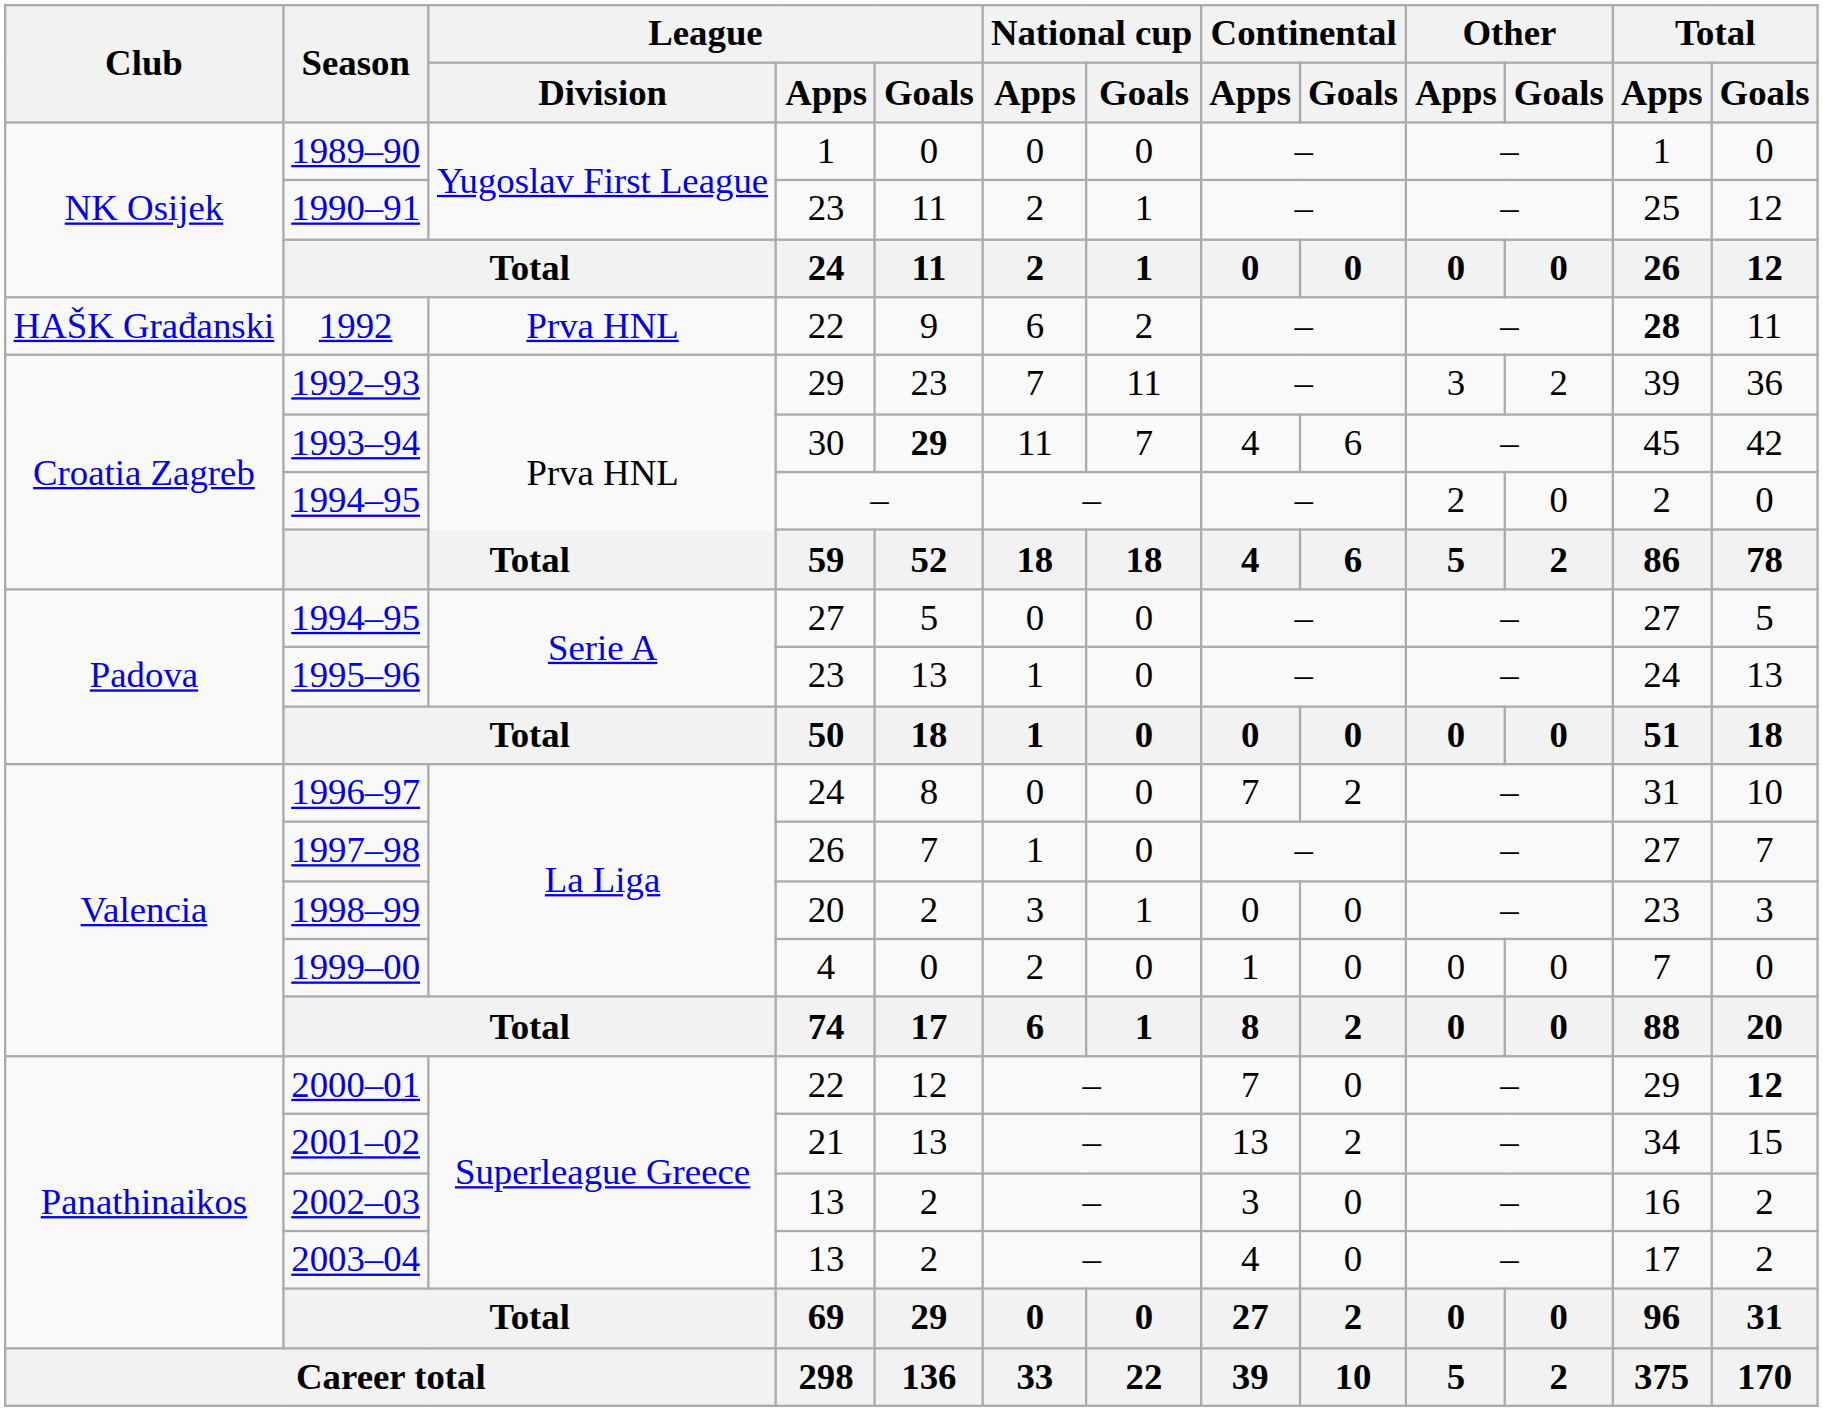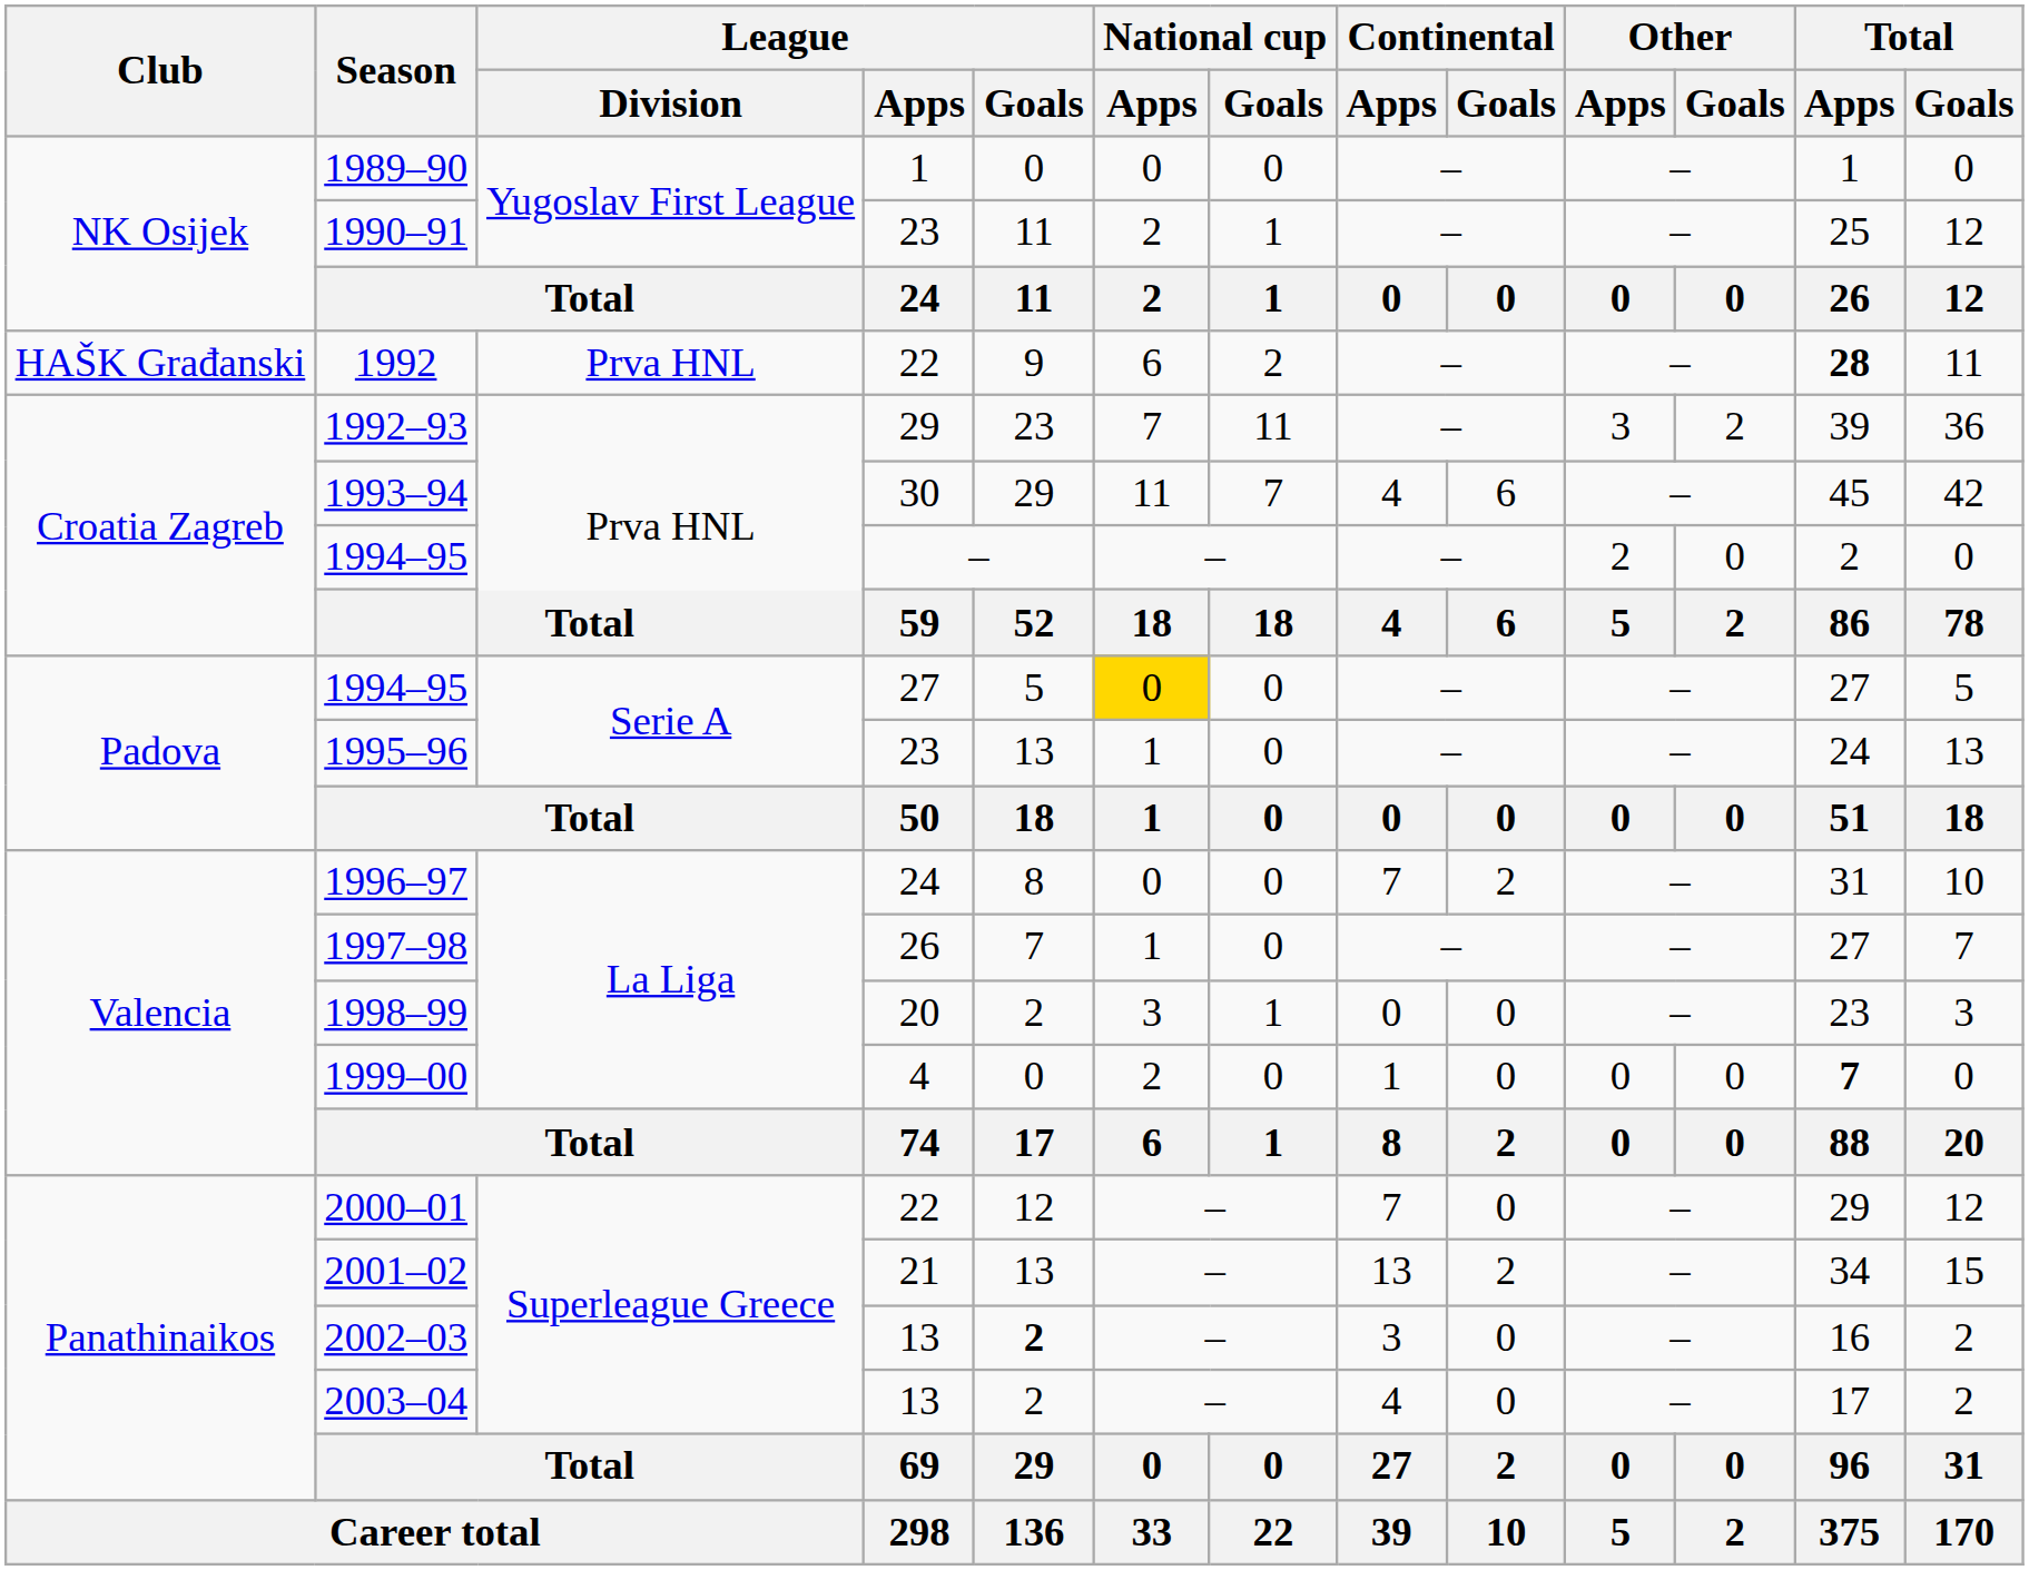 <table class="wikitable" style="text-align:center">
 <tr>
 <th rowspan="2">Club</th>
 <th rowspan="2">Season</th>
 <th colspan="3">League</th>
 <th colspan="2">National cup</th>
 <th colspan="2">Continental</th>
 <th colspan="2">Other</th>
 <th colspan="2">Total</th>
 </tr>
 <tr>
 <th>Division</th>
 <th>Apps</th>
 <th>Goals</th>
 <th>Apps</th>
 <th>Goals</th>
 <th>Apps</th>
 <th>Goals</th>
 <th>Apps</th>
 <th>Goals</th>
 <th>Apps</th>
 <th>Goals</th>
 </tr>
 <tr>
 <td rowspan="3"><a href='#'>NK Osijek</a></td>
 <td><a href='#'>1989–90</a></td>
 <td rowspan="2"><a href='#'>Yugoslav First League</a></td>
 <td>1</td>
 <td>0</td>
 <td>0</td>
 <td>0</td>
 <td colspan="2">–</td>
 <td colspan="2">–</td>
 <td>1</td>
 <td>0</td>
 </tr>
 <tr>
 <td><a href='#'>1990–91</a></td>
 <td>23</td>
 <td>11</td>
 <td>2</td>
 <td>1</td>
 <td colspan="2">–</td>
 <td colspan="2">–</td>
 <td>25</td>
 <td>12</td>
 </tr>
 <tr>
 <th colspan="2">Total</th>
 <th>24</th>
 <th>11</th>
 <th>2</th>
 <th>1</th>
 <th>0</th>
 <th>0</th>
 <th>0</th>
 <th>0</th>
 <th>26</th>
 <th>12</th>
 </tr>
 <tr>
 <td><a href='#'>HAŠK Građanski</a></td>
 <td><a href='#'>1992</a></td>
 <td><a href='#'>Prva HNL</a></td>
 <td>22</td>
 <td>9</td>
 <td>6</td>
 <td>2</td>
 <td colspan="2">–</td>
 <td colspan="2">–</td>
 <td><strong>28</strong></td>
 <td>11</td>
 </tr>
 <tr>
 <td rowspan="4"><a href='#'>Croatia Zagreb</a></td>
 <td><a href='#'>1992–93</a></td>
 <td rowspan="4">Prva HNL</td>
 <td>29</td>
 <td>23</td>
 <td>7</td>
 <td>11</td>
 <td colspan="2">–</td>
 <td>3</td>
 <td>2</td>
 <td>39</td>
 <td>36</td>
 </tr>
 <tr>
 <td><a href='#'>1993–94</a></td>
 <td>30</td>
-<td><strong>29</strong></td>
+<td>29</td>
 <td>11</td>
 <td>7</td>
 <td>4</td>
 <td>6</td>
 <td colspan="2">–</td>
 <td>45</td>
 <td>42</td>
 </tr>
 <tr>
 <td><a href='#'>1994–95</a></td>
 <td colspan="2">–</td>
 <td colspan="2">–</td>
 <td colspan="2">–</td>
 <td>2</td>
 <td>0</td>
 <td>2</td>
 <td>0</td>
 </tr>
 <tr>
 <th colspan="2">Total</th>
 <th>59</th>
 <th>52</th>
 <th>18</th>
 <th>18</th>
 <th>4</th>
 <th>6</th>
 <th>5</th>
 <th>2</th>
 <th>86</th>
 <th>78</th>
 </tr>
 <tr>
 <td rowspan="3"><a href='#'>Padova</a></td>
 <td><a href='#'>1994–95</a></td>
 <td rowspan="2"><a href='#'>Serie A</a></td>
 <td>27</td>
 <td>5</td>
-<td>0</td>
+<td style="background: gold;">0</td>
 <td>0</td>
 <td colspan="2">–</td>
 <td colspan="2">–</td>
 <td>27</td>
 <td>5</td>
 </tr>
 <tr>
 <td><a href='#'>1995–96</a></td>
 <td>23</td>
 <td>13</td>
 <td>1</td>
 <td>0</td>
 <td colspan="2">–</td>
 <td colspan="2">–</td>
 <td>24</td>
 <td>13</td>
 </tr>
 <tr>
 <th colspan="2">Total</th>
 <th>50</th>
 <th>18</th>
 <th>1</th>
 <th>0</th>
 <th>0</th>
 <th>0</th>
 <th>0</th>
 <th>0</th>
 <th>51</th>
 <th>18</th>
 </tr>
 <tr>
 <td rowspan="5"><a href='#'>Valencia</a></td>
 <td><a href='#'>1996–97</a></td>
 <td rowspan="4"><a href='#'>La Liga</a></td>
 <td>24</td>
 <td>8</td>
 <td>0</td>
 <td>0</td>
 <td>7</td>
 <td>2</td>
 <td colspan="2">–</td>
 <td>31</td>
 <td>10</td>
 </tr>
 <tr>
 <td><a href='#'>1997–98</a></td>
 <td>26</td>
 <td>7</td>
 <td>1</td>
 <td>0</td>
 <td colspan="2">–</td>
 <td colspan="2">–</td>
 <td>27</td>
 <td>7</td>
 </tr>
 <tr>
 <td><a href='#'>1998–99</a></td>
 <td>20</td>
 <td>2</td>
 <td>3</td>
 <td>1</td>
 <td>0</td>
 <td>0</td>
 <td colspan="2">–</td>
 <td>23</td>
 <td>3</td>
 </tr>
 <tr>
 <td><a href='#'>1999–00</a></td>
 <td>4</td>
 <td>0</td>
 <td>2</td>
 <td>0</td>
 <td>1</td>
 <td>0</td>
 <td>0</td>
 <td>0</td>
-<td>7</td>
+<td><strong>7</strong></td>
 <td>0</td>
 </tr>
 <tr>
 <th colspan="2">Total</th>
 <th>74</th>
 <th>17</th>
 <th>6</th>
 <th>1</th>
 <th>8</th>
 <th>2</th>
 <th>0</th>
 <th>0</th>
 <th>88</th>
 <th>20</th>
 </tr>
 <tr>
 <td rowspan="5"><a href='#'>Panathinaikos</a></td>
 <td><a href='#'>2000–01</a></td>
 <td rowspan="4"><a href='#'>Superleague Greece</a></td>
 <td>22</td>
 <td>12</td>
 <td colspan="2">–</td>
 <td>7</td>
 <td>0</td>
 <td colspan="2">–</td>
 <td>29</td>
-<td><strong>12</strong></td>
+<td>12</td>
 </tr>
 <tr>
 <td><a href='#'>2001–02</a></td>
 <td>21</td>
 <td>13</td>
 <td colspan="2">–</td>
 <td>13</td>
 <td>2</td>
 <td colspan="2">–</td>
 <td>34</td>
 <td>15</td>
 </tr>
 <tr>
 <td><a href='#'>2002–03</a></td>
 <td>13</td>
-<td>2</td>
+<td><strong>2</strong></td>
 <td colspan="2">–</td>
 <td>3</td>
 <td>0</td>
 <td colspan="2">–</td>
 <td>16</td>
 <td>2</td>
 </tr>
 <tr>
 <td><a href='#'>2003–04</a></td>
 <td>13</td>
 <td>2</td>
 <td colspan="2">–</td>
 <td>4</td>
 <td>0</td>
 <td colspan="2">–</td>
 <td>17</td>
 <td>2</td>
 </tr>
 <tr>
 <th colspan="2">Total</th>
 <th>69</th>
 <th>29</th>
 <th>0</th>
 <th>0</th>
 <th>27</th>
 <th>2</th>
 <th>0</th>
 <th>0</th>
 <th>96</th>
 <th>31</th>
 </tr>
 <tr>
 <th colspan="3">Career total</th>
 <th>298</th>
 <th>136</th>
 <th>33</th>
 <th>22</th>
 <th>39</th>
 <th>10</th>
 <th>5</th>
 <th>2</th>
 <th>375</th>
 <th>170</th>
 </tr>
 </table>
